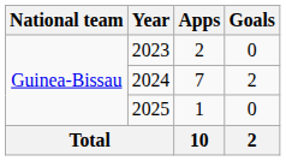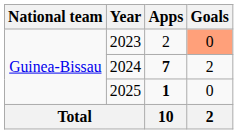 <table class="wikitable" style="text-align:center">
 <tr>
 <th>National team</th>
 <th>Year</th>
 <th>Apps</th>
 <th>Goals</th>
 </tr>
 <tr>
 <td rowspan="3"><a href='#'>Guinea-Bissau</a></td>
 <td>2023</td>
 <td>2</td>
-<td>0</td>
+<td style="background: lightsalmon;">0</td>
 </tr>
 <tr>
 <td>2024</td>
-<td>7</td>
+<td><strong>7</strong></td>
 <td>2</td>
 </tr>
 <tr>
 <td>2025</td>
-<td>1</td>
+<td><strong>1</strong></td>
 <td>0</td>
 </tr>
 <tr>
 <th colspan="2">Total</th>
 <th>10</th>
 <th>2</th>
 </tr>
 </table>
